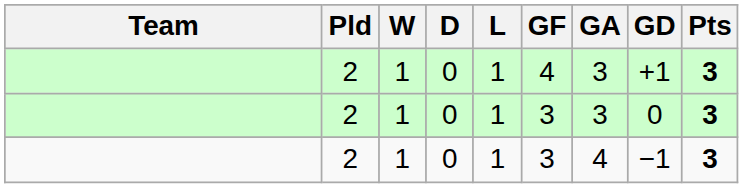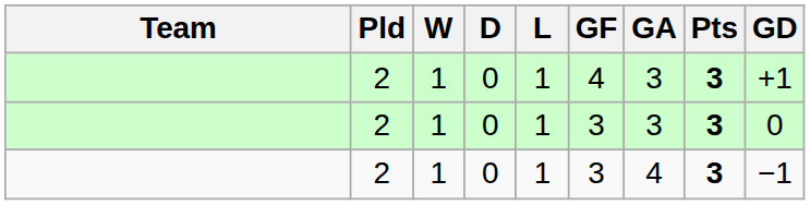 <table class="wikitable" style="text-align: center;">
 <tr>
 <th width="175">Team</th>
 <th width="20">Pld</th>
 <th width="20">W</th>
 <th width="20">D</th>
 <th width="20">L</th>
 <th width="20">GF</th>
 <th width="20">GA</th>
+<th width="20">Pts</th>
 <th width="20">GD</th>
-<th width="20">Pts</th>
 </tr>
 <tr bgcolor=#ccffcc>
 <td align=left></td>
 <td>2</td>
 <td>1</td>
 <td>0</td>
 <td>1</td>
 <td>4</td>
 <td>3</td>
+<td><strong>3</strong></td>
 <td>+1</td>
-<td><strong>3</strong></td>
 </tr>
 <tr bgcolor=#ccffcc>
 <td align=left></td>
 <td>2</td>
 <td>1</td>
 <td>0</td>
 <td>1</td>
 <td>3</td>
 <td>3</td>
+<td><strong>3</strong></td>
 <td>0</td>
-<td><strong>3</strong></td>
 </tr>
 <tr>
 <td align=left></td>
 <td>2</td>
 <td>1</td>
 <td>0</td>
 <td>1</td>
 <td>3</td>
 <td>4</td>
+<td><strong>3</strong></td>
 <td>−1</td>
-<td><strong>3</strong></td>
 </tr>
 </table>
